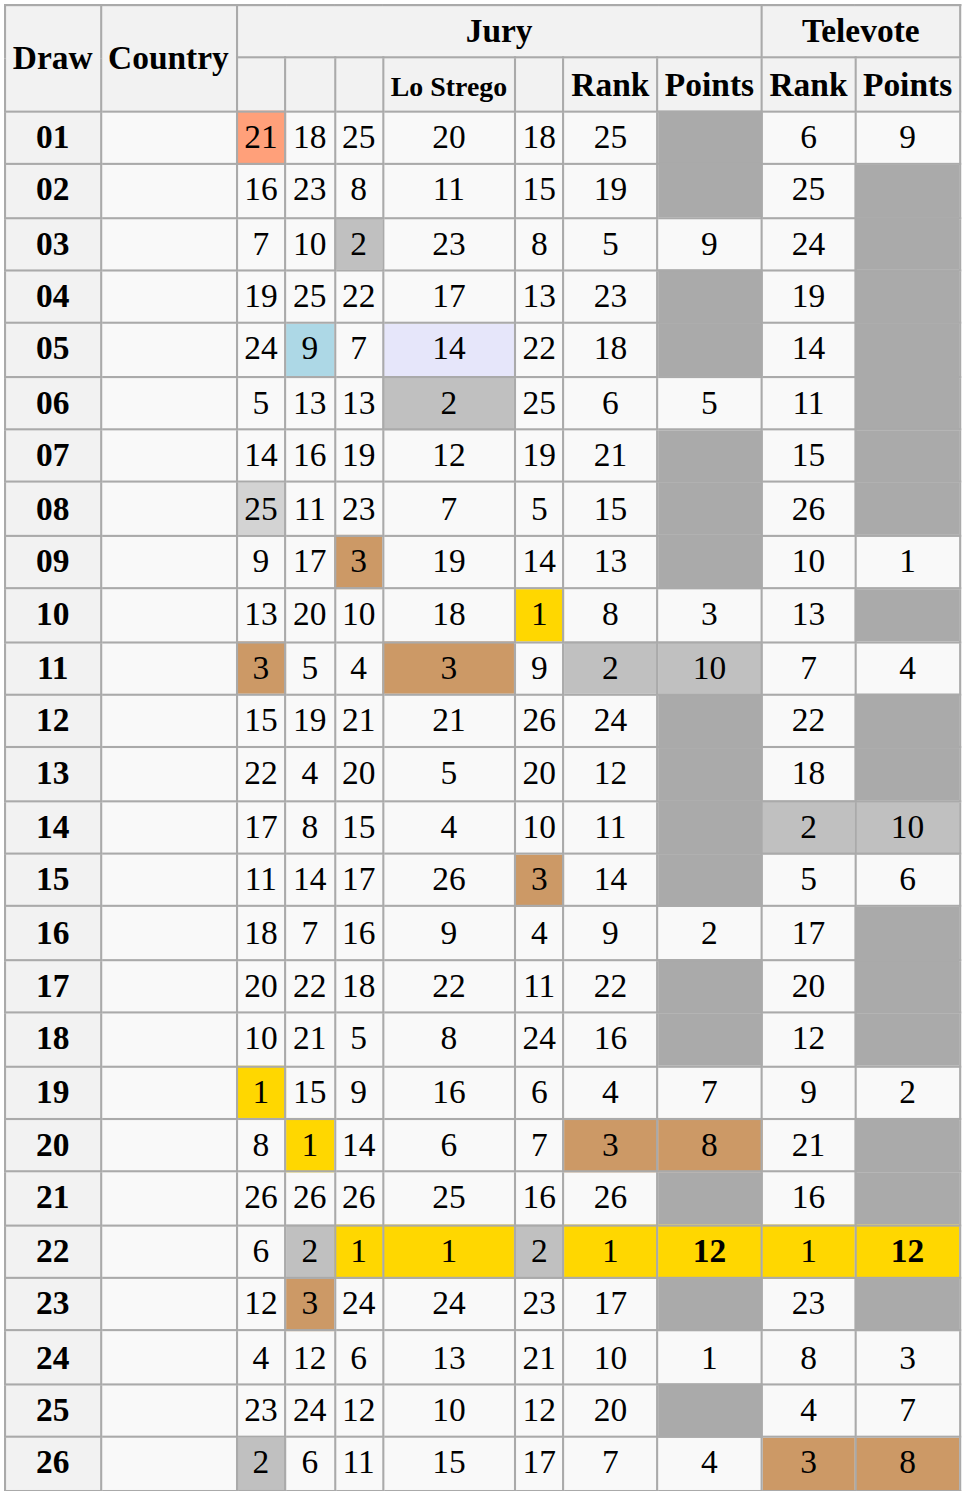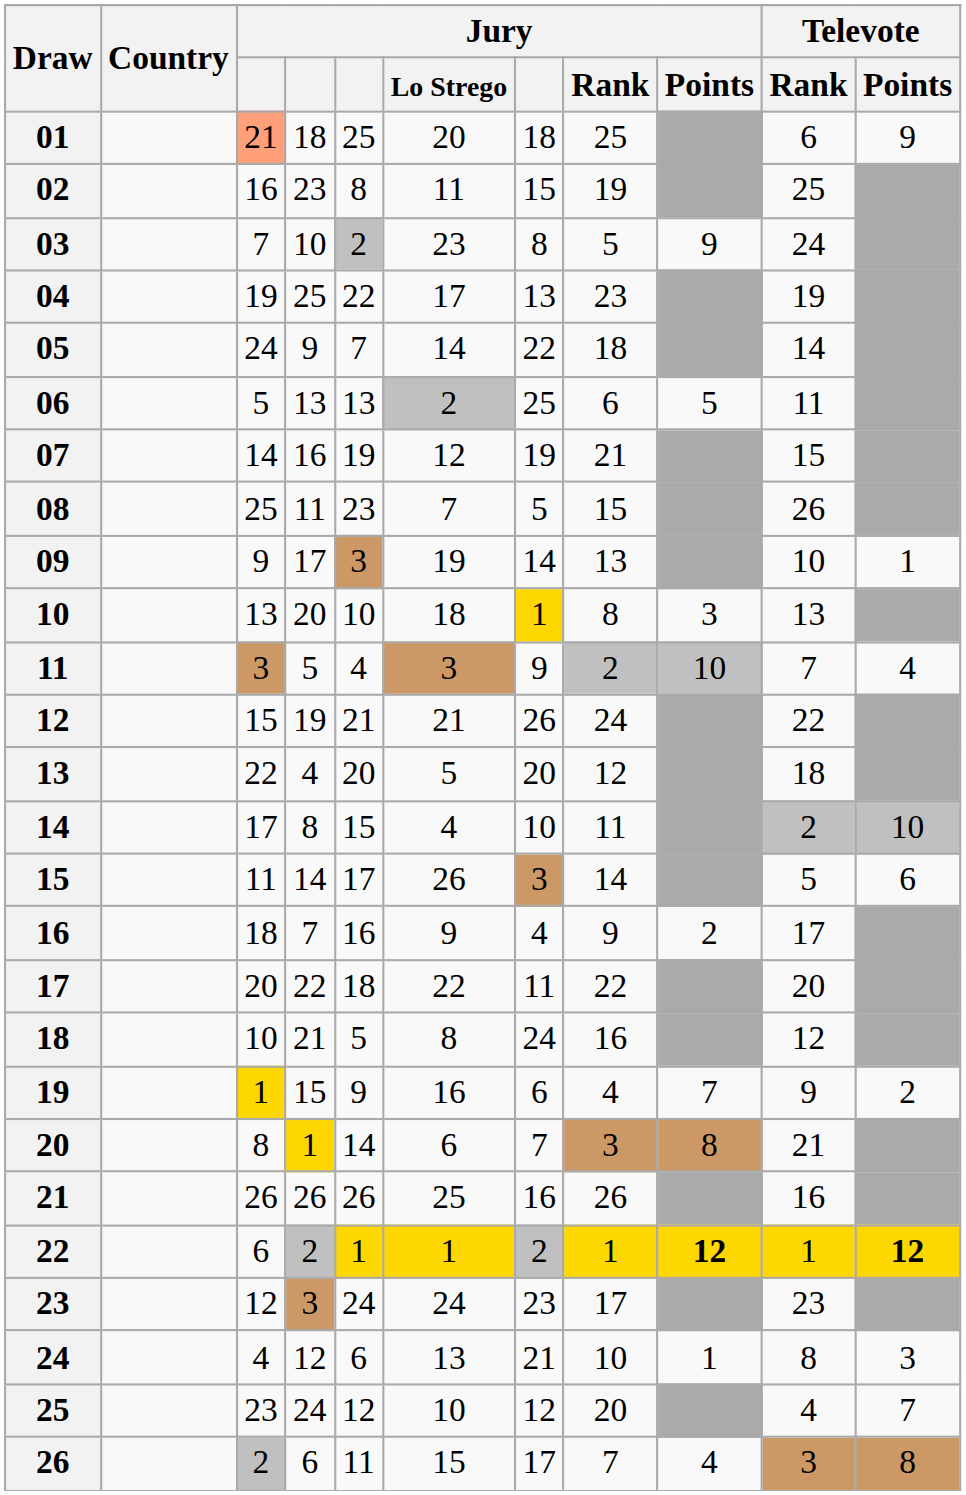 <table class="sortable wikitable collapsible plainrowheaders" style="text-align:center;">
 <tr>
 </tr>
 <tr>
 <th scope="col" rowspan="2">Draw</th>
 <th scope="col" rowspan="2">Country</th>
 <th scope="col" colspan="7">Jury</th>
 <th scope="col" colspan="2">Televote</th>
 </tr>
 <tr>
 <th scope="col"><small></small></th>
 <th scope="col"><small></small></th>
 <th scope="col"><small></small></th>
 <th scope="col"><small>Lo Strego</small></th>
 <th scope="col"><small></small></th>
 <th scope="col">Rank</th>
 <th scope="col">Points</th>
 <th scope="col">Rank</th>
 <th scope="col">Points</th>
 </tr>
 <tr>
 <th scope="row" style="text-align:center;">01</th>
 <td style="text-align:left;"></td>
 <td style="background: lightsalmon;">21</td>
 <td>18</td>
 <td>25</td>
 <td>20</td>
 <td>18</td>
 <td>25</td>
 <td style="background:#AAAAAA;"></td>
 <td>6</td>
 <td>9</td>
 </tr>
 <tr>
 <th scope="row" style="text-align:center;">02</th>
 <td style="text-align:left;"></td>
 <td>16</td>
 <td>23</td>
 <td>8</td>
 <td>11</td>
 <td>15</td>
 <td>19</td>
 <td style="background:#AAAAAA;"></td>
 <td>25</td>
 <td style="background:#AAAAAA;"></td>
 </tr>
 <tr>
 <th scope="row" style="text-align:center;">03</th>
 <td style="text-align:left;"></td>
 <td>7</td>
 <td>10</td>
 <td style="background:silver;">2</td>
 <td>23</td>
 <td>8</td>
 <td>5</td>
 <td>9</td>
 <td>24</td>
 <td style="background:#AAAAAA;"></td>
 </tr>
 <tr>
 <th scope="row" style="text-align:center;">04</th>
 <td style="text-align:left;"></td>
 <td>19</td>
 <td>25</td>
 <td>22</td>
 <td>17</td>
 <td>13</td>
 <td>23</td>
 <td style="background:#AAAAAA;"></td>
 <td>19</td>
 <td style="background:#AAAAAA;"></td>
 </tr>
 <tr>
 <th scope="row" style="text-align:center;">05</th>
 <td style="text-align:left;"></td>
 <td>24</td>
-<td style="background: lightblue;">9</td>
+<td>9</td>
 <td>7</td>
-<td style="background: lavender;">14</td>
+<td>14</td>
 <td>22</td>
 <td>18</td>
 <td style="background:#AAAAAA;"></td>
 <td>14</td>
 <td style="background:#AAAAAA;"></td>
 </tr>
 <tr>
 <th scope="row" style="text-align:center;">06</th>
 <td style="text-align:left;"></td>
 <td>5</td>
 <td>13</td>
 <td>13</td>
 <td style="background:silver;">2</td>
 <td>25</td>
 <td>6</td>
 <td>5</td>
 <td>11</td>
 <td style="background:#AAAAAA;"></td>
 </tr>
 <tr>
 <th scope="row" style="text-align:center;">07</th>
 <td style="text-align:left;"></td>
 <td>14</td>
 <td>16</td>
 <td>19</td>
 <td>12</td>
 <td>19</td>
 <td>21</td>
 <td style="background:#AAAAAA;"></td>
 <td>15</td>
 <td style="background:#AAAAAA;"></td>
 </tr>
 <tr>
 <th scope="row" style="text-align:center;">08</th>
 <td style="text-align:left;"></td>
-<td style="background: lightgrey;">25</td>
+<td>25</td>
 <td>11</td>
 <td>23</td>
 <td>7</td>
 <td>5</td>
 <td>15</td>
 <td style="background:#AAAAAA;"></td>
 <td>26</td>
 <td style="background:#AAAAAA;"></td>
 </tr>
 <tr>
 <th scope="row" style="text-align:center;">09</th>
 <td style="text-align:left;"></td>
 <td>9</td>
 <td>17</td>
 <td style="background:#CC9966;">3</td>
 <td>19</td>
 <td>14</td>
 <td>13</td>
 <td style="background:#AAAAAA;"></td>
 <td>10</td>
 <td>1</td>
 </tr>
 <tr>
 <th scope="row" style="text-align:center;">10</th>
 <td style="text-align:left;"></td>
 <td>13</td>
 <td>20</td>
 <td>10</td>
 <td>18</td>
 <td style="background:gold;">1</td>
 <td>8</td>
 <td>3</td>
 <td>13</td>
 <td style="background:#AAAAAA;"></td>
 </tr>
 <tr>
 <th scope="row" style="text-align:center;">11</th>
 <td style="text-align:left;"></td>
 <td style="background:#CC9966;">3</td>
 <td>5</td>
 <td>4</td>
 <td style="background:#CC9966;">3</td>
 <td>9</td>
 <td style="background:silver;">2</td>
 <td style="background:silver;">10</td>
 <td>7</td>
 <td>4</td>
 </tr>
 <tr>
 <th scope="row" style="text-align:center;">12</th>
 <td style="text-align:left;"></td>
 <td>15</td>
 <td>19</td>
 <td>21</td>
 <td>21</td>
 <td>26</td>
 <td>24</td>
 <td style="background:#AAAAAA;"></td>
 <td>22</td>
 <td style="background:#AAAAAA;"></td>
 </tr>
 <tr>
 <th scope="row" style="text-align:center;">13</th>
 <td style="text-align:left;"></td>
 <td>22</td>
 <td>4</td>
 <td>20</td>
 <td>5</td>
 <td>20</td>
 <td>12</td>
 <td style="background:#AAAAAA;"></td>
 <td>18</td>
 <td style="background:#AAAAAA;"></td>
 </tr>
 <tr>
 <th scope="row" style="text-align:center;">14</th>
 <td style="text-align:left;"></td>
 <td>17</td>
 <td>8</td>
 <td>15</td>
 <td>4</td>
 <td>10</td>
 <td>11</td>
 <td style="background:#AAAAAA;"></td>
 <td style="background:silver;">2</td>
 <td style="background:silver;">10</td>
 </tr>
 <tr>
 <th scope="row" style="text-align:center;">15</th>
 <td style="text-align:left;"></td>
 <td>11</td>
 <td>14</td>
 <td>17</td>
 <td>26</td>
 <td style="background:#CC9966;">3</td>
 <td>14</td>
 <td style="background:#AAAAAA;"></td>
 <td>5</td>
 <td>6</td>
 </tr>
 <tr>
 <th scope="row" style="text-align:center;">16</th>
 <td style="text-align:left;"></td>
 <td>18</td>
 <td>7</td>
 <td>16</td>
 <td>9</td>
 <td>4</td>
 <td>9</td>
 <td>2</td>
 <td>17</td>
 <td style="background:#AAAAAA;"></td>
 </tr>
 <tr>
 <th scope="row" style="text-align:center;">17</th>
 <td style="text-align:left;"></td>
 <td>20</td>
 <td>22</td>
 <td>18</td>
 <td>22</td>
 <td>11</td>
 <td>22</td>
 <td style="background:#AAAAAA;"></td>
 <td>20</td>
 <td style="background:#AAAAAA;"></td>
 </tr>
 <tr>
 <th scope="row" style="text-align:center;">18</th>
 <td style="text-align:left;"></td>
 <td>10</td>
 <td>21</td>
 <td>5</td>
 <td>8</td>
 <td>24</td>
 <td>16</td>
 <td style="background:#AAAAAA;"></td>
 <td>12</td>
 <td style="background:#AAAAAA;"></td>
 </tr>
 <tr>
 <th scope="row" style="text-align:center;">19</th>
 <td style="text-align:left;"></td>
 <td style="background:gold;">1</td>
 <td>15</td>
 <td>9</td>
 <td>16</td>
 <td>6</td>
 <td>4</td>
 <td>7</td>
 <td>9</td>
 <td>2</td>
 </tr>
 <tr>
 <th scope="row" style="text-align:center;">20</th>
 <td style="text-align:left;"></td>
 <td>8</td>
 <td style="background:gold;">1</td>
 <td>14</td>
 <td>6</td>
 <td>7</td>
 <td style="background:#CC9966;">3</td>
 <td style="background:#CC9966;">8</td>
 <td>21</td>
 <td style="background:#AAAAAA;"></td>
 </tr>
 <tr>
 <th scope="row" style="text-align:center;">21</th>
 <td style="text-align:left;"></td>
 <td>26</td>
 <td>26</td>
 <td>26</td>
 <td>25</td>
 <td>16</td>
 <td>26</td>
 <td style="background:#AAAAAA;"></td>
 <td>16</td>
 <td style="background:#AAAAAA;"></td>
 </tr>
 <tr>
 <th scope="row" style="text-align:center;">22</th>
 <td style="text-align:left;"></td>
 <td>6</td>
 <td style="background:silver;">2</td>
 <td style="background:gold;">1</td>
 <td style="background:gold;">1</td>
 <td style="background:silver;">2</td>
 <td style="background:gold;">1</td>
 <td style="background:gold;"><strong>12</strong></td>
 <td style="background:gold;">1</td>
 <td style="background:gold;"><strong>12</strong></td>
 </tr>
 <tr>
 <th scope="row" style="text-align:center;">23</th>
 <td style="text-align:left;"></td>
 <td>12</td>
 <td style="background:#CC9966;">3</td>
 <td>24</td>
 <td>24</td>
 <td>23</td>
 <td>17</td>
 <td style="background:#AAAAAA;"></td>
 <td>23</td>
 <td style="background:#AAAAAA;"></td>
 </tr>
 <tr>
 <th scope="row" style="text-align:center;">24</th>
 <td style="text-align:left;"></td>
 <td>4</td>
 <td>12</td>
 <td>6</td>
 <td>13</td>
 <td>21</td>
 <td>10</td>
 <td>1</td>
 <td>8</td>
 <td>3</td>
 </tr>
 <tr>
 <th scope="row" style="text-align:center;">25</th>
 <td style="text-align:left;"></td>
 <td>23</td>
 <td>24</td>
 <td>12</td>
 <td>10</td>
 <td>12</td>
 <td>20</td>
 <td style="background:#AAAAAA;"></td>
 <td>4</td>
 <td>7</td>
 </tr>
 <tr>
 <th scope="row" style="text-align:center;">26</th>
 <td style="text-align:left;"></td>
 <td style="background:silver;">2</td>
 <td>6</td>
 <td>11</td>
 <td>15</td>
 <td>17</td>
 <td>7</td>
 <td>4</td>
 <td style="background:#CC9966;">3</td>
 <td style="background:#CC9966;">8</td>
 </tr>
 </table>
